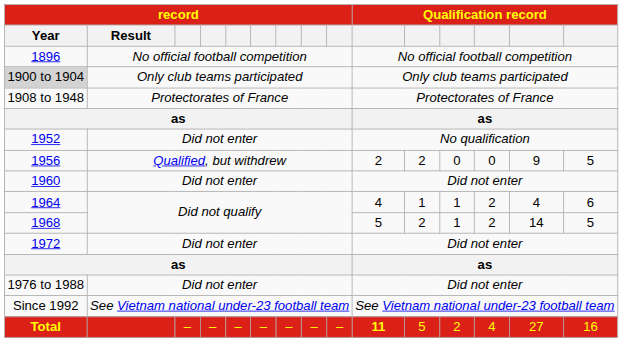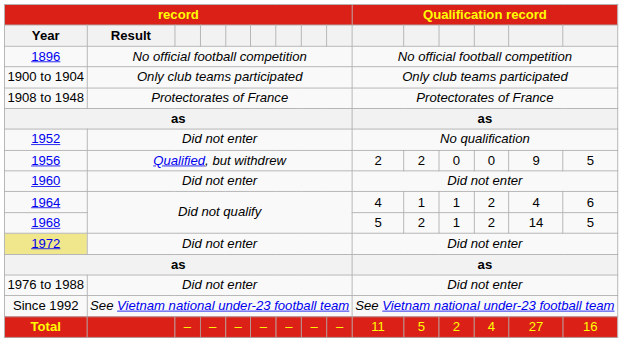 <table class="wikitable collapsible collapsed" style="text-align: center;">
 <tr>
 <th colspan="9" style="background-color: #DB2017; color: #FFFF00;"><a href='#'></a> record</th>
 <th colspan="7" style="background: #DB2017; color: #FFFF00;">Qualification record</th>
 </tr>
 <tr>
 <th>Year</th>
 <th>Result</th>
 <th></th>
 <th></th>
 <th></th>
 <th></th>
 <th></th>
 <th></th>
 <th></th>
 <th></th>
 <th></th>
 <th></th>
 <th></th>
 <th></th>
 <th></th>
 </tr>
 <tr>
 <td> <a href='#'>1896</a></td>
 <td colspan=8><em>No official football competition</em></td>
 <td colspan=7><em>No official football competition</em></td>
 </tr>
 <tr>
-<td style="background: lightgrey;">1900 to 1904</td>
+<td>1900 to 1904</td>
 <td colspan=8><em>Only club teams participated</em></td>
 <td colspan=7><em>Only club teams participated</em></td>
 </tr>
 <tr>
 <td>1908 to 1948</td>
 <td colspan=8><em> Protectorates of France</em></td>
 <td colspan=7><em> Protectorates of France</em></td>
 </tr>
 <tr>
 <th colspan=9>as </th>
 <th colspan=7>as </th>
 </tr>
 <tr>
 <td> <a href='#'>1952</a></td>
 <td colspan=8><em>Did not enter</em></td>
 <td colspan=7><em>No qualification</em></td>
 </tr>
 <tr>
 <td> <a href='#'>1956</a></td>
 <td colspan=8><em><a href='#'>Qualified</a>, but withdrew</em></td>
 <td>2</td>
 <td>2</td>
 <td>0</td>
 <td>0</td>
 <td>9</td>
 <td>5</td>
 </tr>
 <tr>
 <td> <a href='#'>1960</a></td>
 <td colspan=8><em>Did not enter</em></td>
 <td colspan=7><em>Did not enter</em></td>
 </tr>
 <tr>
 <td> <a href='#'>1964</a></td>
 <td rowspan=2 colspan=8><em>Did not qualify</em></td>
 <td>4</td>
 <td>1</td>
 <td>1</td>
 <td>2</td>
 <td>4</td>
 <td>6</td>
 </tr>
 <tr>
 <td> <a href='#'>1968</a></td>
 <td>5</td>
 <td>2</td>
 <td>1</td>
 <td>2</td>
 <td>14</td>
 <td>5</td>
 </tr>
 <tr>
-<td> <a href='#'>1972</a></td>
+<td style="background: khaki;"> <a href='#'>1972</a></td>
 <td colspan=8><em>Did not enter</em></td>
 <td colspan=7><em>Did not enter</em></td>
 </tr>
 <tr>
 <th colspan=9>as </th>
 <th colspan=7>as </th>
 </tr>
 <tr>
 <td>1976 to 1988</td>
 <td colspan=8><em>Did not enter</em></td>
 <td colspan=7><em>Did not enter</em></td>
 </tr>
 <tr>
 <td>Since 1992</td>
 <td colspan="8"><em>See <a href='#'>Vietnam national under-23 football team</a></em></td>
 <td colspan="7"><em>See <a href='#'>Vietnam national under-23 football team</a></em></td>
 </tr>
 <tr>
 <td style="background: #DB2017; color: #FFFF00;"><strong>Total</strong></td>
 <td style="background: #DB2017; color: #FFFF00;"><strong></strong></td>
 <td style="background: #DB2017; color: #FFFF00;">–</td>
 <td style="background: #DB2017; color: #FFFF00;">–</td>
 <td style="background: #DB2017; color: #FFFF00;">–</td>
 <td style="background: #DB2017; color: #FFFF00;">–</td>
 <td style="background: #DB2017; color: #FFFF00;">–</td>
 <td style="background: #DB2017; color: #FFFF00;">–</td>
 <td style="background: #DB2017; color: #FFFF00;">–</td>
-<td style="background: #DB2017; color: #FFFF00;"><strong>11</strong></td>
+<td style="background: #DB2017; color: #FFFF00;">11</td>
 <td style="background: #DB2017; color: #FFFF00;">5</td>
 <td style="background: #DB2017; color: #FFFF00;">2</td>
 <td style="background: #DB2017; color: #FFFF00;">4</td>
 <td style="background: #DB2017; color: #FFFF00;">27</td>
 <td style="background: #DB2017; color: #FFFF00;">16</td>
 </tr>
 </table>
